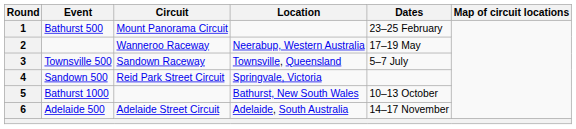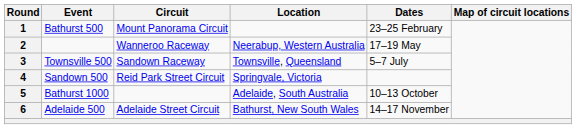 <table class="wikitable" style=font-size:85%;>
 <tr>
 <th>Round</th>
 <th>Event</th>
 <th>Circuit</th>
 <th>Location</th>
 <th>Dates</th>
 <th>Map of circuit locations</th>
 </tr>
 <tr>
 <th>1</th>
 <td><a href='#'>Bathurst 500</a></td>
 <td> <a href='#'>Mount Panorama Circuit</a></td>
 <td></td>
 <td>23–25 February</td>
 <td rowspan=6></td>
 </tr>
 <tr>
 <th>2</th>
 <td></td>
 <td> <a href='#'>Wanneroo Raceway</a></td>
 <td><a href='#'>Neerabup, Western Australia</a></td>
 <td>17–19 May</td>
 </tr>
 <tr>
 <th>3</th>
 <td><a href='#'>Townsville 500</a></td>
 <td> <a href='#'>Sandown Raceway</a></td>
 <td><a href='#'>Townsville</a>, <a href='#'>Queensland</a></td>
 <td>5–7 July</td>
 </tr>
 <tr>
 <th>4</th>
 <td><a href='#'>Sandown 500</a></td>
 <td> <a href='#'>Reid Park Street Circuit</a></td>
 <td><a href='#'>Springvale, Victoria</a></td>
 <td></td>
 </tr>
 <tr>
 <th>5</th>
 <td><a href='#'>Bathurst 1000</a></td>
 <td></td>
-<td><a href='#'>Bathurst, New South Wales</a></td>
+<td><a href='#'>Adelaide</a>, <a href='#'>South Australia</a></td>
 <td>10–13 October</td>
 </tr>
 <tr>
 <th>6</th>
 <td><a href='#'>Adelaide 500</a></td>
 <td> <a href='#'>Adelaide Street Circuit</a></td>
-<td><a href='#'>Adelaide</a>, <a href='#'>South Australia</a></td>
+<td><a href='#'>Bathurst, New South Wales</a></td>
 <td>14–17 November</td>
 </tr>
 <tr>
 <th colspan="6"></th>
 </tr>
 </table>
